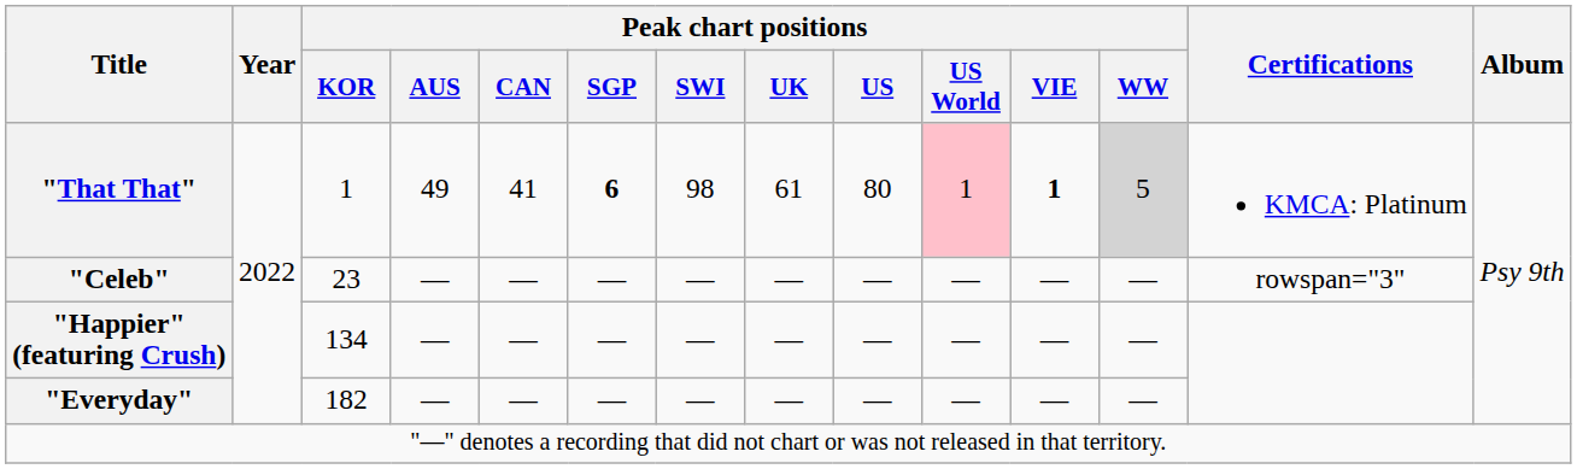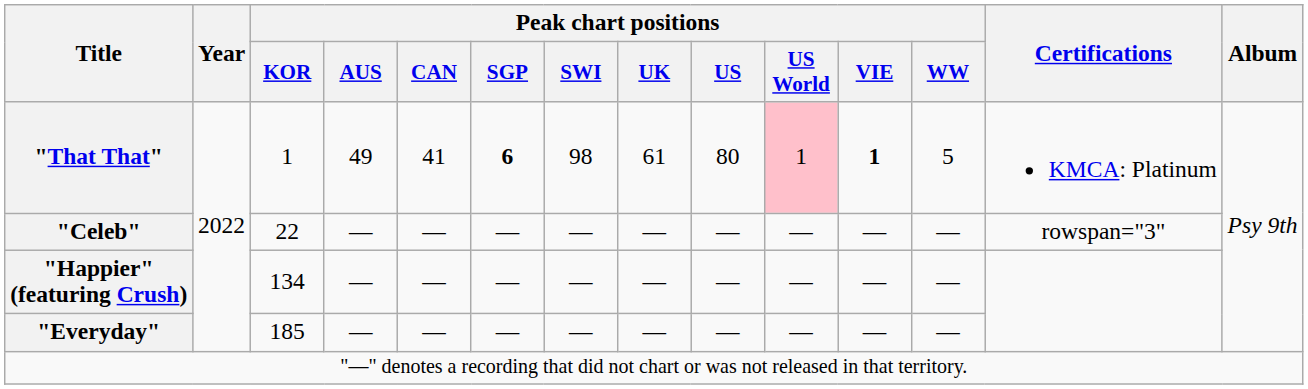 <table class="wikitable plainrowheaders" style="text-align:center;">
 <tr>
 <th scope="col" rowspan="2">Title</th>
 <th scope="col" rowspan="2">Year</th>
 <th scope="col" colspan="10">Peak chart positions</th>
 <th scope="col" rowspan="2"><a href='#'>Certifications</a></th>
 <th scope="col" rowspan="2">Album</th>
 </tr>
 <tr>
 <th scope="col" style="width:3em;font-size:90%;"><a href='#'>KOR</a><br></th>
 <th scope="col" style="width:3em;font-size:90%;"><a href='#'>AUS</a><br></th>
 <th scope="col" style="width:3em;font-size:90%;"><a href='#'>CAN</a><br></th>
 <th scope="col" style="width:3em;font-size:90%;"><a href='#'>SGP</a><br></th>
 <th scope="col" style="width:3em;font-size:90%;"><a href='#'>SWI</a><br></th>
 <th scope="col" style="width:3em;font-size:90%;"><a href='#'>UK</a><br></th>
 <th scope="col" style="width:3em;font-size:90%;"><a href='#'>US</a><br></th>
 <th scope="col" style="width:3em;font-size:90%;"><a href='#'>US<br>World</a><br></th>
 <th scope="col" style="width:3em;font-size:90%;"><a href='#'>VIE</a><br></th>
 <th scope="col" style="width:3em;font-size:90%;"><a href='#'>WW</a><br></th>
 </tr>
 <tr>
 <th scope="row">"<a href='#'>That That</a>"<br></th>
 <td rowspan="4">2022</td>
 <td>1</td>
 <td>49</td>
 <td>41</td>
 <td><strong>6</strong></td>
 <td>98</td>
 <td>61</td>
 <td>80</td>
 <td style="background: pink;">1</td>
 <td><strong>1</strong></td>
-<td style="background: lightgrey;">5</td>
+<td>5</td>
 <td><br><ul><li><a href='#'>KMCA</a>: Platinum</li></ul></td>
 <td rowspan="4"><em>Psy 9th</em></td>
 </tr>
 <tr>
 <th scope="row">"Celeb"</th>
-<td>23</td>
+<td>22</td>
 <td>—</td>
 <td>—</td>
 <td>—</td>
 <td>—</td>
 <td>—</td>
 <td>—</td>
 <td>—</td>
 <td>—</td>
 <td>—</td>
 <td>rowspan="3" </td>
 </tr>
 <tr>
 <th scope="row">"Happier"<br><span>(featuring <a href='#'>Crush</a>)</span></th>
 <td>134</td>
 <td>—</td>
 <td>—</td>
 <td>—</td>
 <td>—</td>
 <td>—</td>
 <td>—</td>
 <td>—</td>
 <td>—</td>
 <td>—</td>
 </tr>
 <tr>
 <th scope="row">"Everyday"</th>
-<td>182</td>
+<td>185</td>
 <td>—</td>
 <td>—</td>
 <td>—</td>
 <td>—</td>
 <td>—</td>
 <td>—</td>
 <td>—</td>
 <td>—</td>
 <td>—</td>
 </tr>
 <tr>
 <td colspan="14" style="font-size:85%">"—" denotes a recording that did not chart or was not released in that territory.</td>
 </tr>
 </table>
